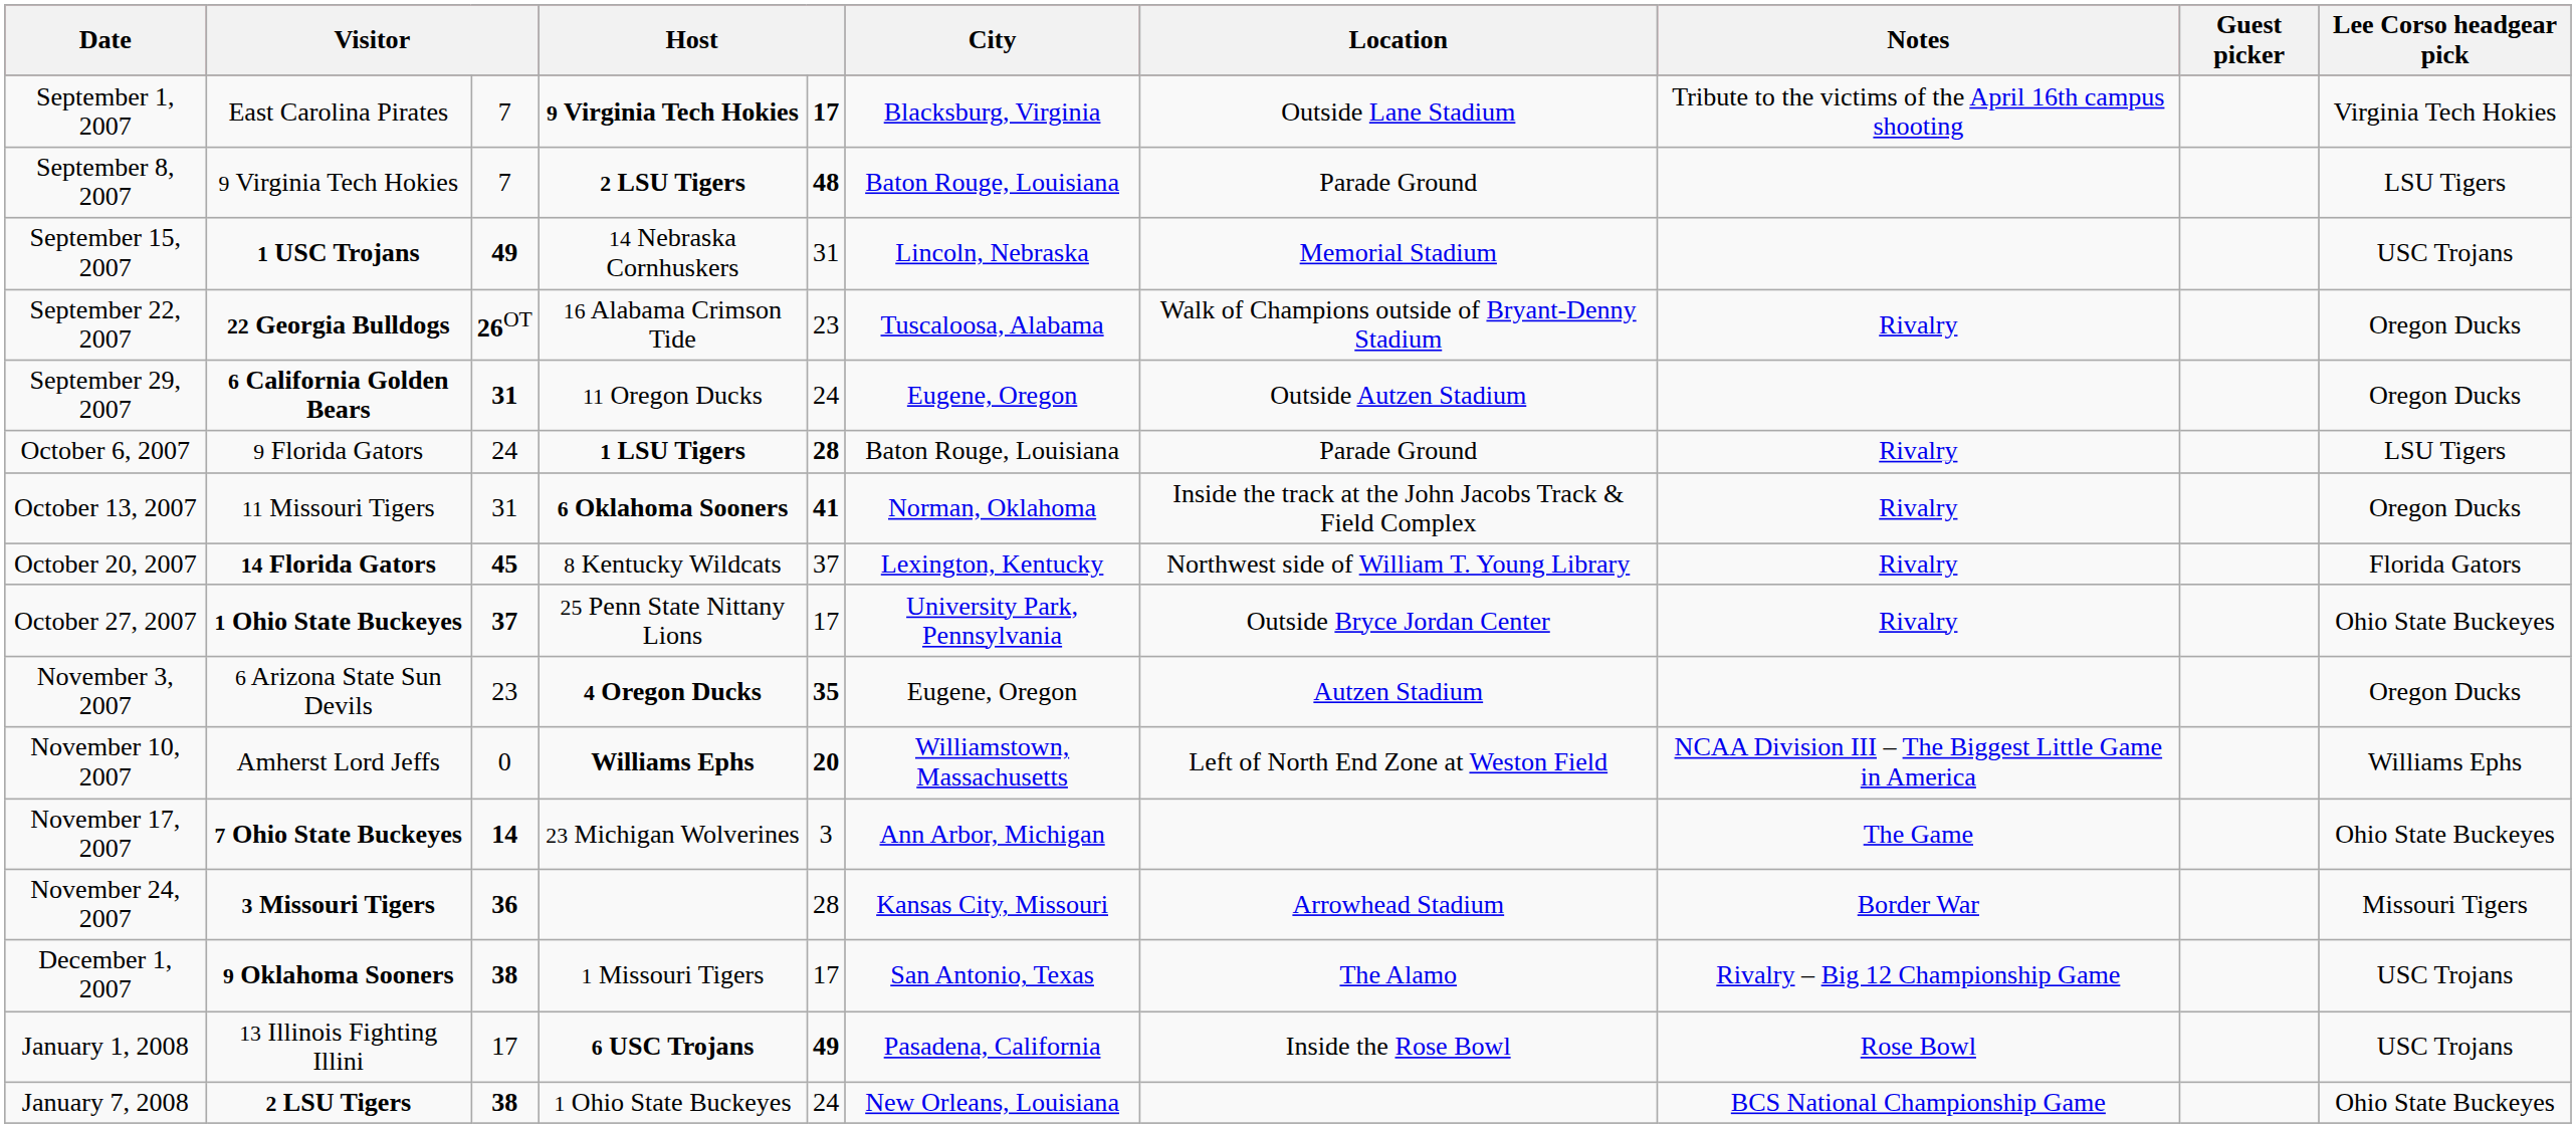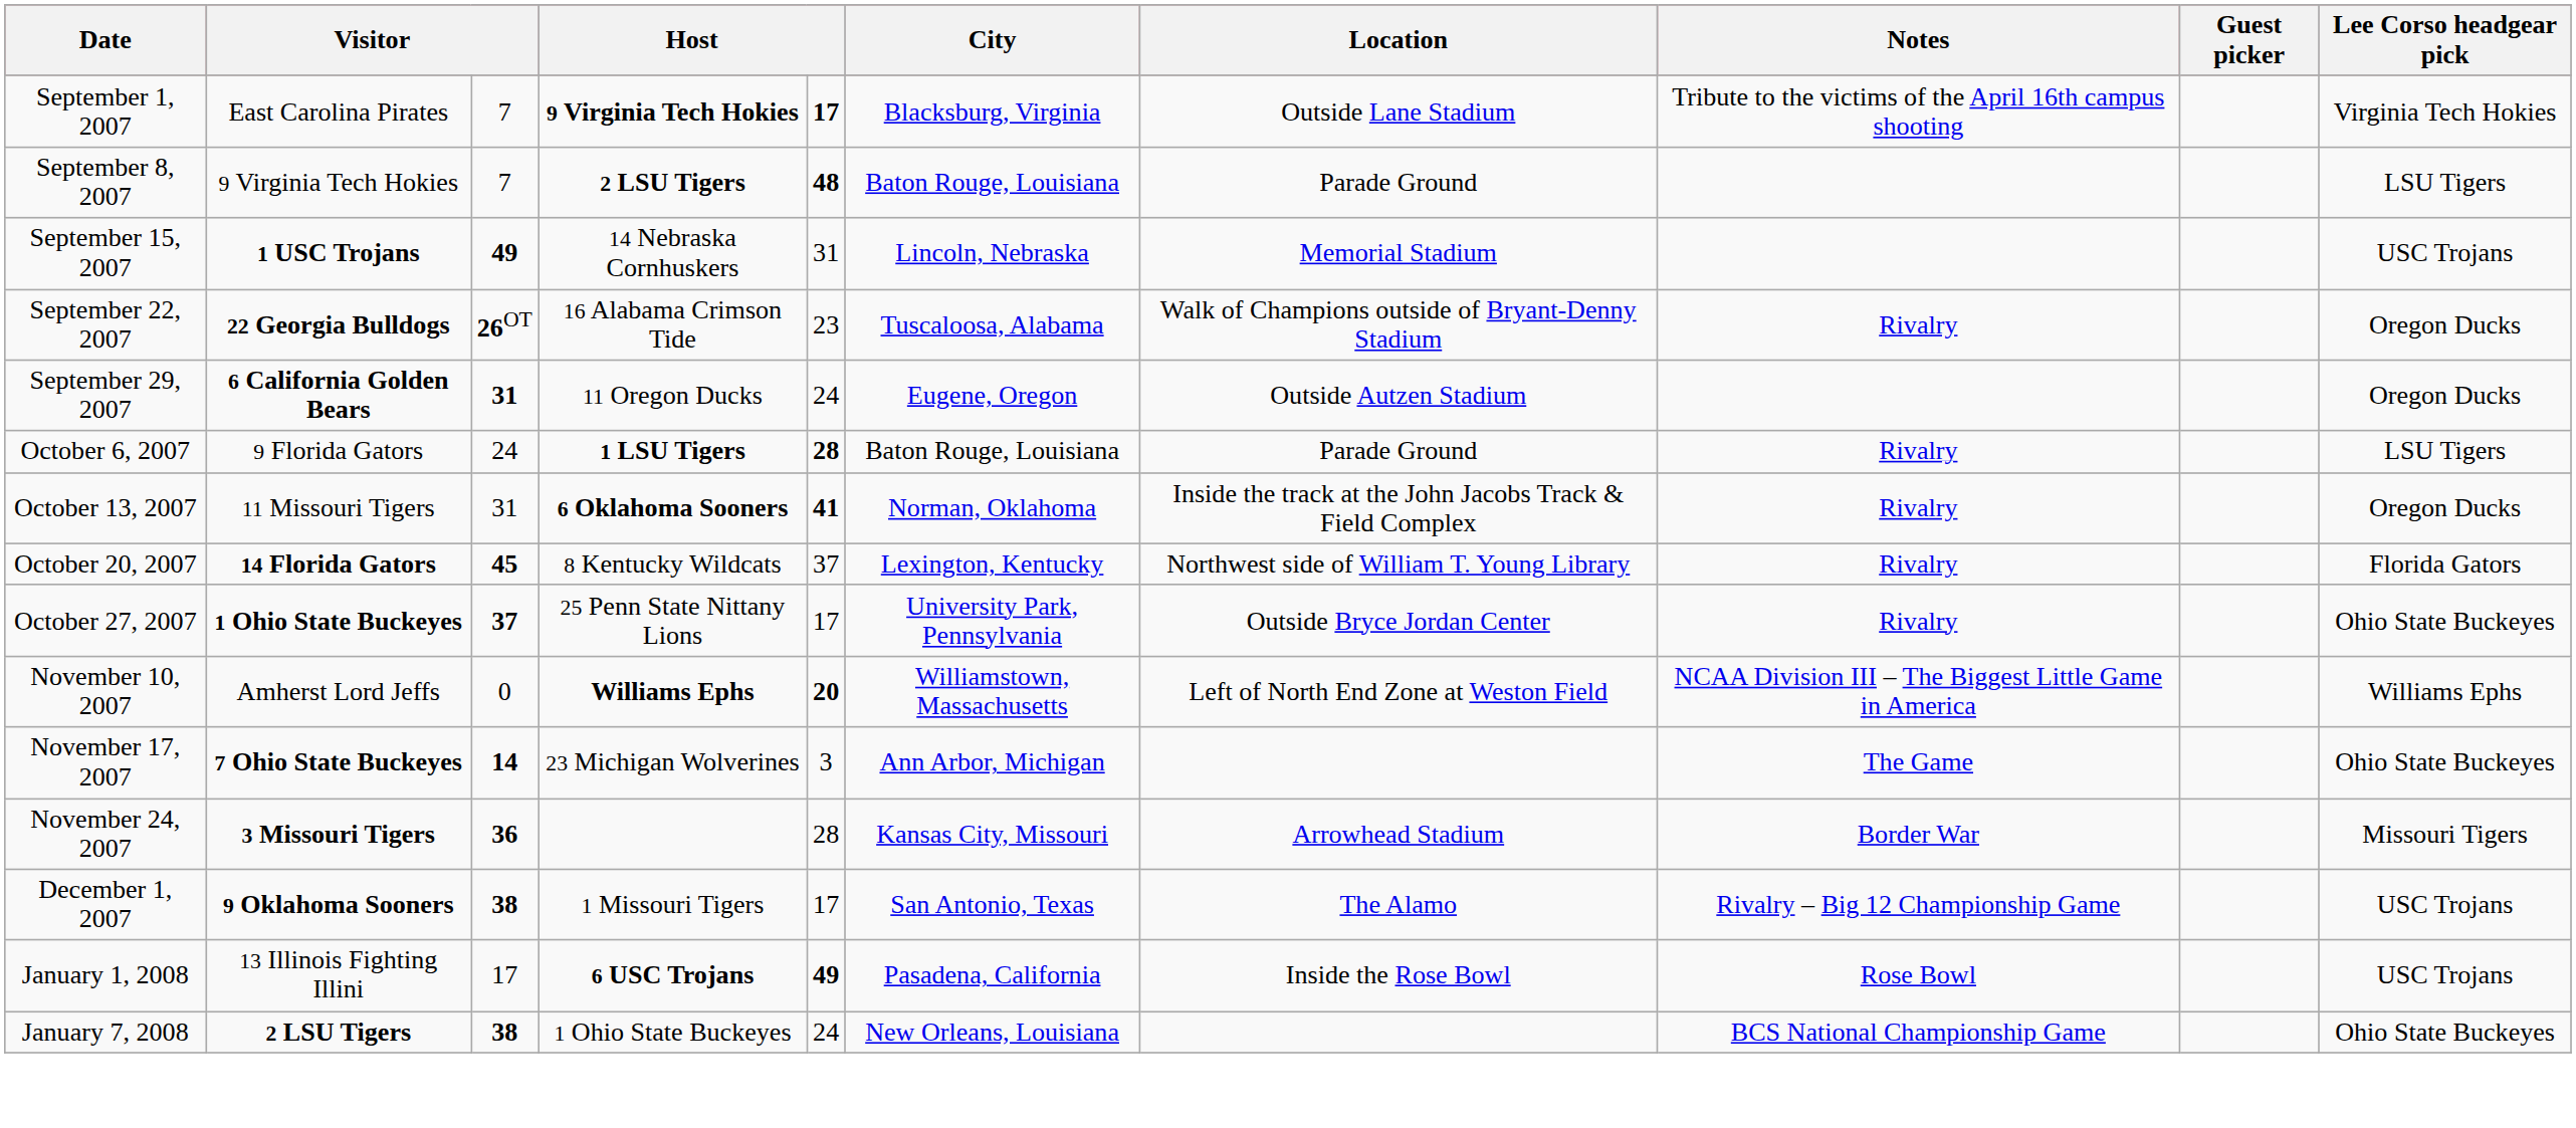 <table class="wikitable" style="text-align:center">
 <tr style="background:#A32638;"|>
 <th>Date</th>
 <th colspan=2>Visitor</th>
 <th colspan=2>Host</th>
 <th>City</th>
 <th>Location</th>
 <th>Notes</th>
 <th>Guest picker</th>
 <th>Lee Corso headgear pick</th>
 </tr>
 <tr>
 <td>September 1, 2007</td>
 <td>East Carolina Pirates</td>
 <td>7</td>
 <td><strong><small>9</small> Virginia Tech Hokies</strong></td>
 <td><strong>17</strong></td>
 <td><a href='#'>Blacksburg, Virginia</a></td>
 <td>Outside <a href='#'>Lane Stadium</a></td>
 <td>Tribute to the victims of the <a href='#'>April 16th campus shooting</a></td>
 <td></td>
 <td>Virginia Tech Hokies</td>
 </tr>
 <tr>
 <td>September 8, 2007</td>
 <td><small>9</small> Virginia Tech Hokies</td>
 <td>7</td>
 <td><strong><small>2</small> LSU Tigers</strong></td>
 <td><strong>48</strong></td>
 <td><a href='#'>Baton Rouge, Louisiana</a></td>
 <td>Parade Ground</td>
 <td></td>
 <td></td>
 <td>LSU Tigers</td>
 </tr>
 <tr>
 <td>September 15, 2007</td>
 <td><strong><small>1</small> USC Trojans</strong></td>
 <td><strong>49</strong></td>
 <td><small>14</small> Nebraska Cornhuskers</td>
 <td>31</td>
 <td><a href='#'>Lincoln, Nebraska</a></td>
 <td><a href='#'>Memorial Stadium</a></td>
 <td></td>
 <td></td>
 <td>USC Trojans</td>
 </tr>
 <tr>
 <td>September 22, 2007</td>
 <td><strong><small>22</small> Georgia Bulldogs</strong></td>
 <td><strong>26</strong><sup>OT</sup></td>
 <td><small>16</small> Alabama Crimson Tide</td>
 <td>23</td>
 <td><a href='#'>Tuscaloosa, Alabama</a></td>
 <td>Walk of Champions outside of <a href='#'>Bryant-Denny Stadium</a></td>
 <td><a href='#'>Rivalry</a></td>
 <td></td>
 <td>Oregon Ducks</td>
 </tr>
 <tr>
 <td>September 29, 2007</td>
 <td><strong><small>6</small> California Golden Bears</strong></td>
 <td><strong>31</strong></td>
 <td><small>11</small> Oregon Ducks</td>
 <td>24</td>
 <td><a href='#'>Eugene, Oregon</a></td>
 <td>Outside <a href='#'>Autzen Stadium</a></td>
 <td></td>
 <td></td>
 <td>Oregon Ducks</td>
 </tr>
 <tr>
 <td>October 6, 2007</td>
 <td><small>9</small> Florida Gators</td>
 <td>24</td>
 <td><strong><small>1</small> LSU Tigers</strong></td>
 <td><strong>28</strong></td>
 <td>Baton Rouge, Louisiana</td>
 <td>Parade Ground</td>
 <td><a href='#'>Rivalry</a></td>
 <td></td>
 <td>LSU Tigers</td>
 </tr>
 <tr>
 <td>October 13, 2007</td>
 <td><small>11</small> Missouri Tigers</td>
 <td>31</td>
 <td><strong><small>6</small> Oklahoma Sooners</strong></td>
 <td><strong>41</strong></td>
 <td><a href='#'>Norman, Oklahoma</a></td>
 <td>Inside the track at the John Jacobs Track & Field Complex</td>
 <td><a href='#'>Rivalry</a></td>
 <td></td>
 <td>Oregon Ducks</td>
 </tr>
 <tr>
 <td>October 20, 2007</td>
 <td><strong><small>14</small> Florida Gators</strong></td>
 <td><strong>45</strong></td>
 <td><small>8</small> Kentucky Wildcats</td>
 <td>37</td>
 <td><a href='#'>Lexington, Kentucky</a></td>
 <td>Northwest side of <a href='#'>William T. Young Library</a></td>
 <td><a href='#'>Rivalry</a></td>
 <td></td>
 <td>Florida Gators</td>
 </tr>
 <tr>
 <td>October 27, 2007</td>
 <td><strong><small>1</small> Ohio State Buckeyes</strong></td>
 <td><strong>37</strong></td>
 <td><small>25</small> Penn State Nittany Lions</td>
 <td>17</td>
 <td><a href='#'>University Park, Pennsylvania</a></td>
 <td>Outside <a href='#'>Bryce Jordan Center</a></td>
 <td><a href='#'>Rivalry</a></td>
 <td></td>
 <td>Ohio State Buckeyes</td>
 </tr>
 <tr>
-<td>November 3, 2007</td>
-<td><small>6</small> Arizona State Sun Devils</td>
-<td>23</td>
-<td><strong><small>4</small> Oregon Ducks</strong></td>
-<td><strong>35</strong></td>
-<td>Eugene, Oregon</td>
-<td><a href='#'>Autzen Stadium</a></td>
-<td></td>
-<td></td>
-<td>Oregon Ducks</td>
-</tr>
-<tr>
 <td>November 10, 2007</td>
 <td>Amherst Lord Jeffs</td>
 <td>0</td>
 <td><strong>Williams Ephs</strong></td>
 <td><strong>20</strong></td>
 <td><a href='#'>Williamstown, Massachusetts</a></td>
 <td>Left of North End Zone at <a href='#'>Weston Field</a></td>
 <td><a href='#'>NCAA Division III</a> – <a href='#'>The Biggest Little Game in America</a></td>
 <td></td>
 <td>Williams Ephs</td>
 </tr>
 <tr>
 <td>November 17, 2007</td>
 <td><strong><small>7</small> Ohio State Buckeyes</strong></td>
 <td><strong>14</strong></td>
 <td><small>23</small> Michigan Wolverines</td>
 <td>3</td>
 <td><a href='#'>Ann Arbor, Michigan</a></td>
 <td></td>
 <td><a href='#'>The Game</a></td>
 <td></td>
 <td>Ohio State Buckeyes</td>
 </tr>
 <tr>
 <td>November 24, 2007</td>
 <td><strong><small>3</small> Missouri Tigers</strong></td>
 <td><strong>36</strong></td>
 <td></td>
 <td>28</td>
 <td><a href='#'>Kansas City, Missouri</a></td>
 <td><a href='#'>Arrowhead Stadium</a></td>
 <td><a href='#'>Border War</a></td>
 <td></td>
 <td>Missouri Tigers</td>
 </tr>
 <tr>
 <td>December 1, 2007</td>
 <td><strong><small>9</small> Oklahoma Sooners</strong></td>
 <td><strong>38</strong></td>
 <td><small>1</small> Missouri Tigers</td>
 <td>17</td>
 <td><a href='#'>San Antonio, Texas</a></td>
 <td><a href='#'>The Alamo</a></td>
 <td><a href='#'>Rivalry</a> – <a href='#'>Big 12 Championship Game</a></td>
 <td></td>
 <td>USC Trojans</td>
 </tr>
 <tr>
 <td>January 1, 2008</td>
 <td><small>13</small> Illinois Fighting Illini</td>
 <td>17</td>
 <td><strong><small>6</small> USC Trojans</strong></td>
 <td><strong>49</strong></td>
 <td><a href='#'>Pasadena, California</a></td>
 <td>Inside the <a href='#'>Rose Bowl</a></td>
 <td><a href='#'>Rose Bowl</a></td>
 <td></td>
 <td>USC Trojans</td>
 </tr>
 <tr>
 <td>January 7, 2008</td>
 <td><strong><small>2</small> LSU Tigers</strong></td>
 <td><strong>38</strong></td>
 <td><small>1</small> Ohio State Buckeyes</td>
 <td>24</td>
 <td><a href='#'>New Orleans, Louisiana</a></td>
 <td></td>
 <td><a href='#'>BCS National Championship Game</a></td>
 <td></td>
 <td>Ohio State Buckeyes</td>
 </tr>
 </table>
